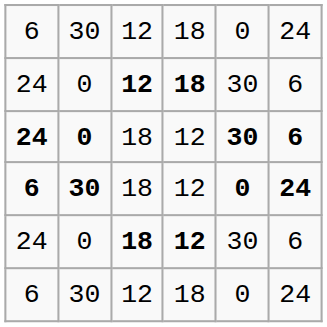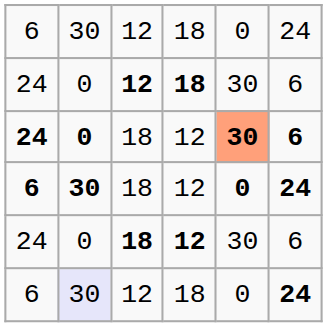 <table class="wikitable" style="margin-left:auto;margin-right:auto;text-align:center;width:12em;height:12em;table-layout:fixed;">
 <tr>
 <td>6</td>
 <td>30</td>
 <td>12</td>
 <td>18</td>
 <td>0</td>
 <td>24</td>
 </tr>
 <tr>
 <td>24</td>
 <td>0</td>
 <td><strong>12</strong></td>
 <td><strong>18</strong></td>
 <td>30</td>
 <td>6</td>
 </tr>
 <tr>
 <td><strong>24</strong></td>
 <td><strong>0</strong></td>
 <td>18</td>
 <td>12</td>
-<td><strong>30</strong></td>
+<td style="background: lightsalmon;"><strong>30</strong></td>
 <td><strong>6</strong></td>
 </tr>
 <tr>
 <td><strong>6</strong></td>
 <td><strong>30</strong></td>
 <td>18</td>
 <td>12</td>
 <td><strong>0</strong></td>
 <td><strong>24</strong></td>
 </tr>
 <tr>
 <td>24</td>
 <td>0</td>
 <td><strong>18</strong></td>
 <td><strong>12</strong></td>
 <td>30</td>
 <td>6</td>
 </tr>
 <tr>
 <td>6</td>
-<td>30</td>
+<td style="background: lavender;">30</td>
 <td>12</td>
 <td>18</td>
 <td>0</td>
-<td>24</td>
+<td><strong>24</strong></td>
 </tr>
 </table>
